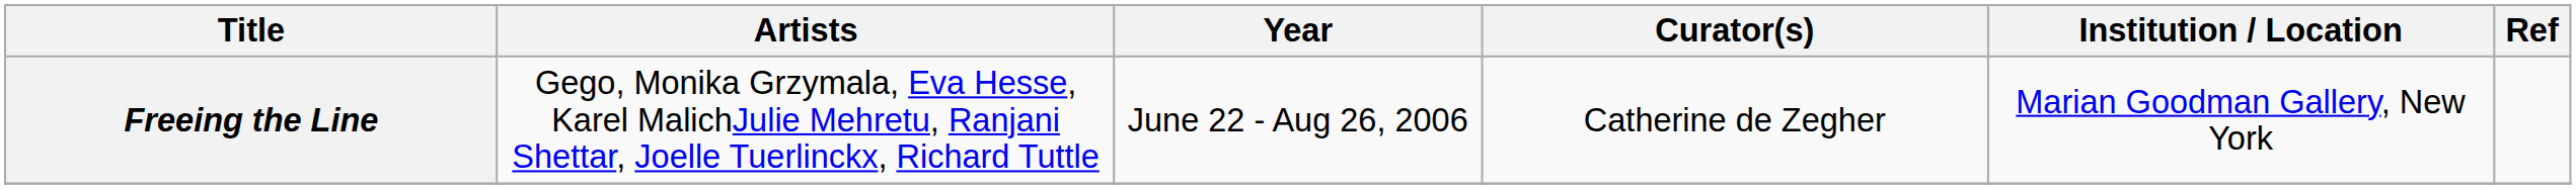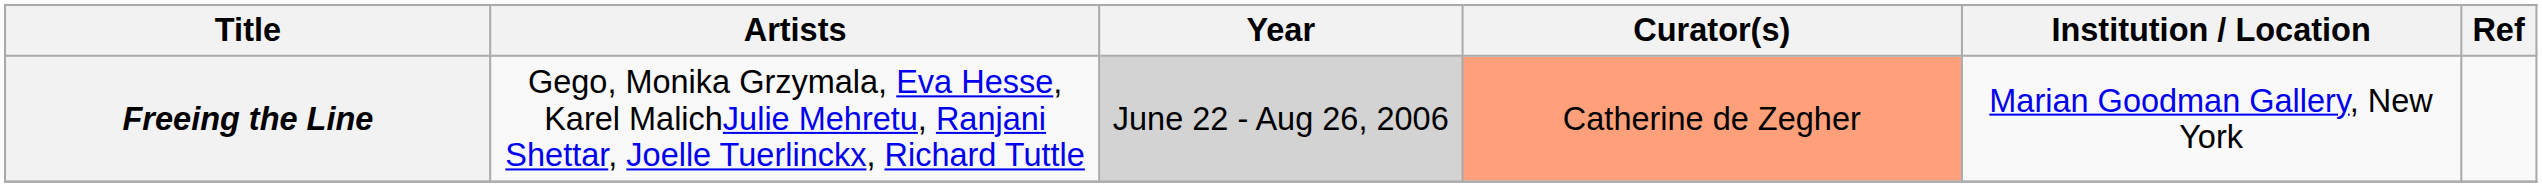 <table class="wikitable mw-collapsible plainrowheaders" style="text-align:center;">
 <tr>
 <th scope="col" style="width:20em;">Title</th>
 <th scope="col" style="width:25em;">Artists</th>
 <th scope="col" style="width:15em;">Year</th>
 <th scope="col" style="width:20em;">Curator(s)</th>
 <th scope="col" style="width:20em;">Institution / Location</th>
 <th scope="col" style="width:2em;">Ref</th>
 </tr>
 <tr>
 <th scope="row"><em>Freeing the Line</em></th>
 <td>Gego, Monika Grzymala, <a href='#'>Eva Hesse</a>, Karel Malich<a href='#'>Julie Mehretu</a>, <a href='#'>Ranjani Shettar</a>, <a href='#'>Joelle Tuerlinckx</a>, <a href='#'>Richard Tuttle</a></td>
-<td>June 22 - Aug 26, 2006</td>
-<td>Catherine de Zegher</td>
+<td style="background: lightgrey;">June 22 - Aug 26, 2006</td>
+<td style="background: lightsalmon;">Catherine de Zegher</td>
 <td><a href='#'>Marian Goodman Gallery</a>, New York</td>
 <td></td>
 </tr>
 <tr>
 </tr>
 </table>
